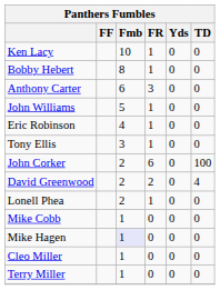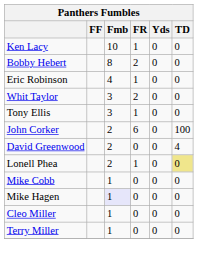 <table class="wikitable">
 <tr>
 <th colspan="6">Panthers Fumbles</th>
 </tr>
 <tr>
 <th></th>
 <th>FF</th>
 <th>Fmb</th>
 <th>FR</th>
 <th>Yds</th>
 <th>TD</th>
 </tr>
 <tr>
 <td><a href='#'>Ken Lacy</a></td>
 <td></td>
 <td>10</td>
 <td>1</td>
 <td>0</td>
 <td>0</td>
 </tr>
 <tr>
 <td><a href='#'>Bobby Hebert</a></td>
 <td></td>
 <td>8</td>
-<td>1</td>
-<td>0</td>
-<td>0</td>
-</tr>
-<tr>
-<td><a href='#'>Anthony Carter</a></td>
-<td></td>
-<td>6</td>
-<td>3</td>
-<td>0</td>
-<td>0</td>
-</tr>
-<tr>
-<td><a href='#'>John Williams</a></td>
-<td></td>
-<td>5</td>
-<td>1</td>
+<td>2</td>
 <td>0</td>
 <td>0</td>
 </tr>
 <tr>
 <td>Eric Robinson</td>
 <td></td>
 <td>4</td>
 <td>1</td>
+<td>0</td>
+<td>0</td>
+</tr>
+<tr>
+<td><a href='#'>Whit Taylor</a></td>
+<td></td>
+<td>3</td>
+<td>2</td>
 <td>0</td>
 <td>0</td>
 </tr>
 <tr>
 <td>Tony Ellis</td>
 <td></td>
 <td>3</td>
 <td>1</td>
 <td>0</td>
 <td>0</td>
 </tr>
 <tr>
 <td><a href='#'>John Corker</a></td>
 <td></td>
 <td>2</td>
 <td>6</td>
 <td>0</td>
 <td>100</td>
 </tr>
 <tr>
 <td><a href='#'>David Greenwood</a></td>
 <td></td>
 <td>2</td>
-<td>2</td>
+<td>0</td>
 <td>0</td>
 <td>4</td>
 </tr>
 <tr>
 <td>Lonell Phea</td>
 <td></td>
 <td>2</td>
 <td>1</td>
 <td>0</td>
-<td>0</td>
+<td style="background: khaki;">0</td>
 </tr>
 <tr>
 <td><a href='#'>Mike Cobb</a></td>
 <td></td>
 <td>1</td>
 <td>0</td>
 <td>0</td>
 <td>0</td>
 </tr>
 <tr>
 <td>Mike Hagen</td>
 <td></td>
 <td style="background: lavender;">1</td>
 <td>0</td>
 <td>0</td>
 <td>0</td>
 </tr>
 <tr>
 <td><a href='#'>Cleo Miller</a></td>
 <td></td>
 <td>1</td>
 <td>0</td>
 <td>0</td>
 <td>0</td>
 </tr>
 <tr>
 <td><a href='#'>Terry Miller</a></td>
 <td></td>
 <td>1</td>
 <td>0</td>
 <td>0</td>
 <td>0</td>
 </tr>
 <tr>
 </tr>
 </table>
